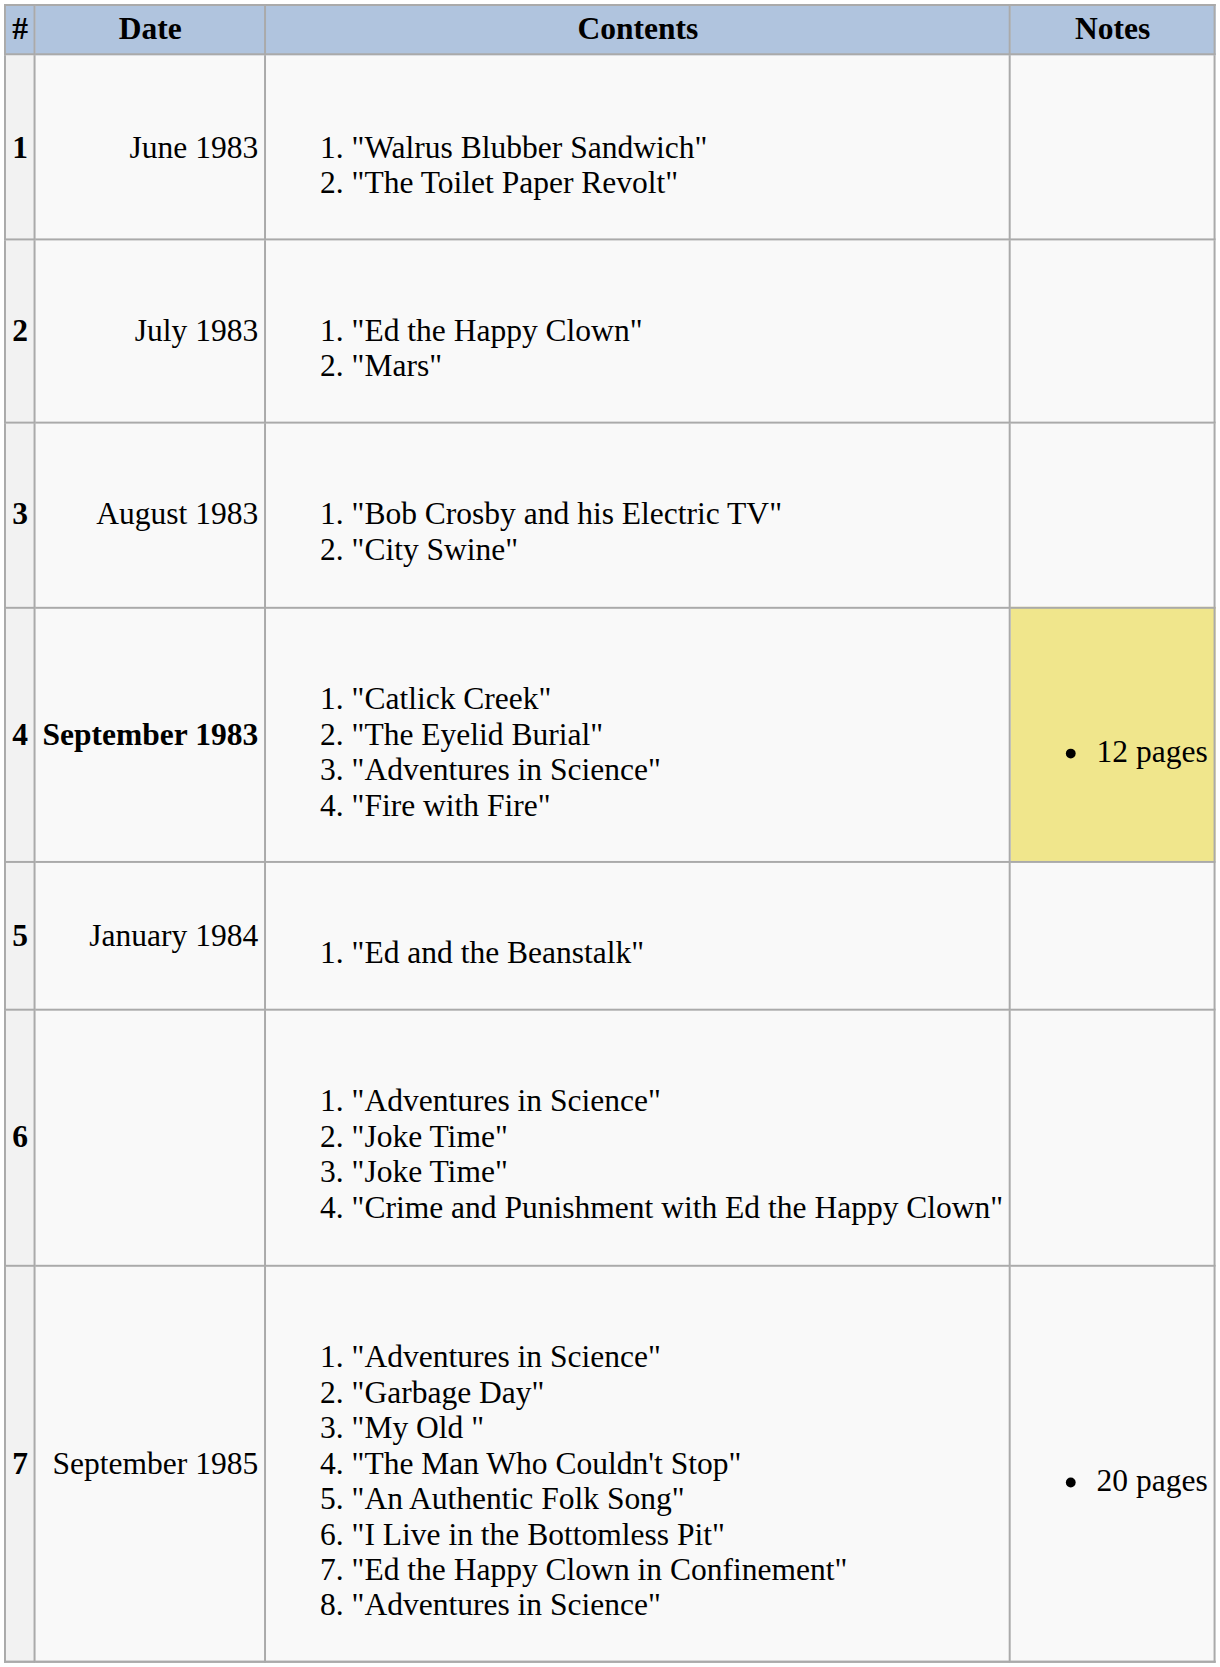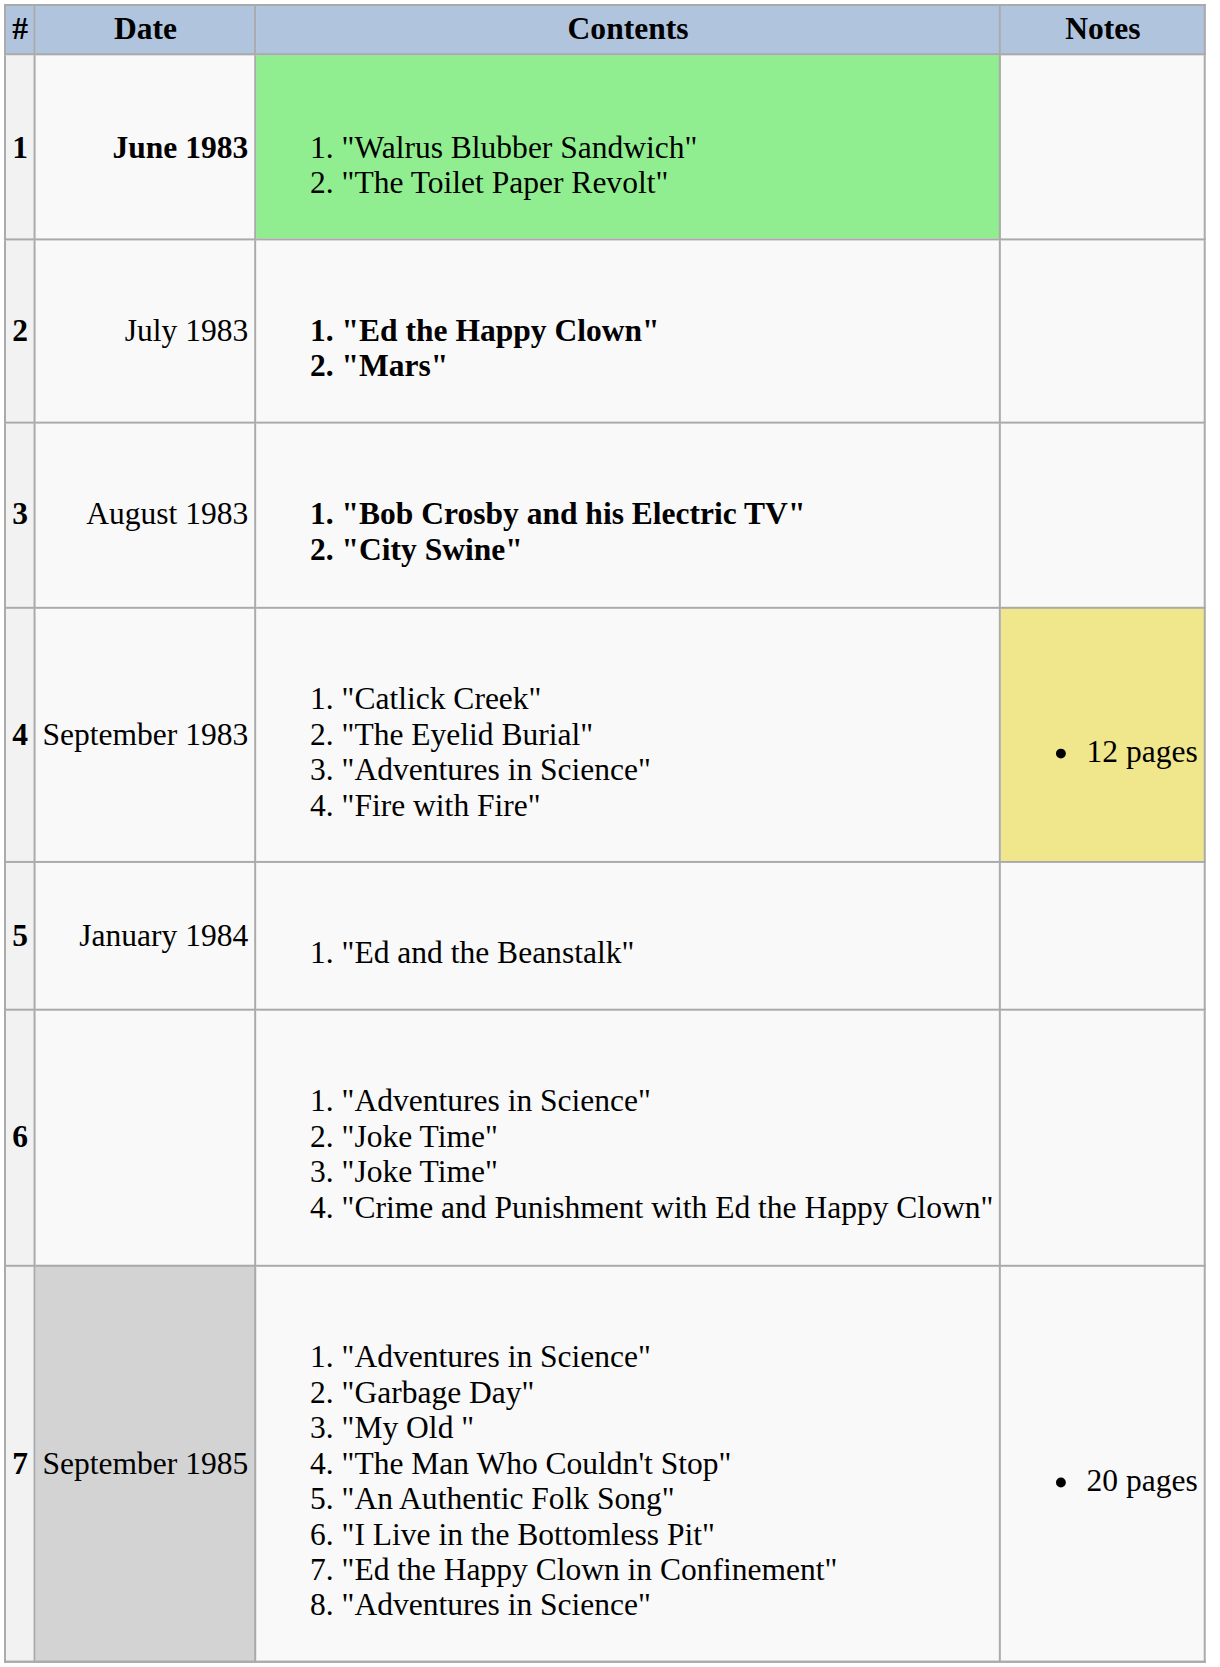 <table class="wikitable floatleft">
 <tr>
 </tr>
 <tr>
 <th scope="col" style="background:#B0C4DE;">#</th>
 <th scope="col" style="background:#B0C4DE;">Date</th>
 <th scope="col" style="background:#B0C4DE;">Contents</th>
 <th scope="col" style="background:#B0C4DE;">Notes</th>
 </tr>
 <tr>
 <th scope="row" style="text-align:right;">1</th>
-<td style="text-align:right;">June 1983</td>
-<td><br><ol><li>"Walrus Blubber Sandwich"</li><li>"The Toilet Paper Revolt"</li></ol></td>
+<td style="text-align:right;"><strong>June 1983</strong></td>
+<td style="background: lightgreen;"><br><ol><li>"Walrus Blubber Sandwich"</li><li>"The Toilet Paper Revolt"</li></ol></td>
 <td></td>
 </tr>
 <tr>
 <th scope="row" style="text-align:right;">2</th>
 <td style="text-align:right;">July 1983</td>
-<td><br><ol><li>"Ed the Happy Clown"</li><li>"Mars"</li></ol></td>
+<td><strong><br><ol><li>"Ed the Happy Clown"</li><li>"Mars"</li></ol></strong></td>
 <td></td>
 </tr>
 <tr>
 <th scope="row" style="text-align:right;">3</th>
 <td style="text-align:right;">August 1983</td>
-<td><br><ol><li>"Bob Crosby and his Electric TV"</li><li>"City Swine"</li></ol></td>
+<td><strong><br><ol><li>"Bob Crosby and his Electric TV"</li><li>"City Swine"</li></ol></strong></td>
 <td></td>
 </tr>
 <tr>
 <th scope="row" style="text-align:right;">4</th>
-<td style="text-align:right;"><strong>September 1983</strong></td>
+<td style="text-align:right;">September 1983</td>
 <td><br><ol><li>"Catlick Creek"</li><li>"The Eyelid Burial"</li><li>"Adventures in Science"</li><li>"Fire with Fire"</li></ol></td>
 <td style="background: khaki;"><br><ul><li>12 pages</li></ul></td>
 </tr>
 <tr>
 <th scope="row" style="text-align:right;">5</th>
 <td style="text-align:right;">January 1984</td>
 <td><br><ol><li>"Ed and the Beanstalk"</li></ol></td>
 <td></td>
 </tr>
 <tr>
 <th scope="row" style="text-align:right;">6</th>
 <td style="text-align:right;"></td>
 <td><br><ol><li>"Adventures in Science"</li><li>"Joke Time"</li><li>"Joke Time"</li><li>"Crime and Punishment with Ed the Happy Clown"</li></ol></td>
 <td></td>
 </tr>
 <tr>
 <th scope="row" style="text-align:right;">7</th>
-<td style="text-align:right;">September 1985</td>
+<td style="background: lightgrey; text-align:right;">September 1985</td>
 <td><br><ol><li>"Adventures in Science"</li><li>"Garbage Day"</li><li>"My Old "</li><li>"The Man Who Couldn't Stop"</li><li>"An Authentic  Folk Song"</li><li>"I Live in the Bottomless Pit"</li><li>"Ed the Happy Clown in Confinement"</li><li>"Adventures in Science"</li></ol></td>
 <td><br><ul><li>20 pages</li></ul></td>
 </tr>
 <tr>
 </tr>
 </table>
